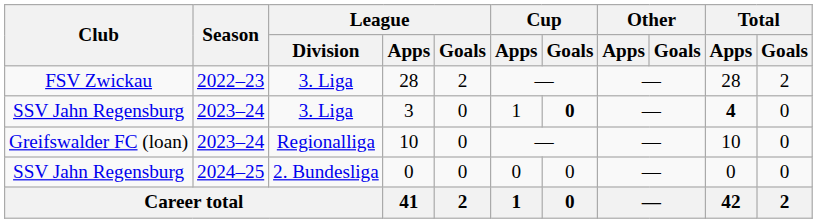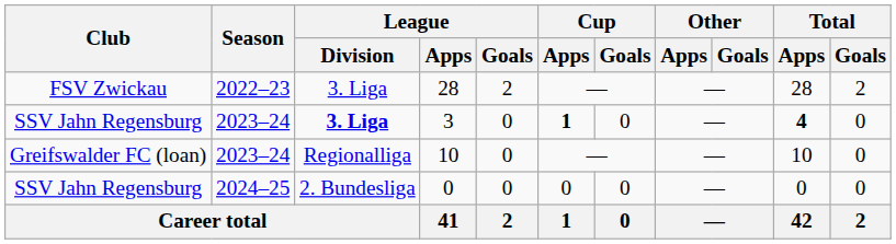 <table class=wikitable style=text-align:center>
 <tr>
 <th rowspan=2>Club</th>
 <th rowspan=2>Season</th>
 <th colspan=3>League</th>
 <th colspan=2>Cup</th>
 <th colspan=2>Other</th>
 <th colspan=2>Total</th>
 </tr>
 <tr>
 <th>Division</th>
 <th>Apps</th>
 <th>Goals</th>
 <th>Apps</th>
 <th>Goals</th>
 <th>Apps</th>
 <th>Goals</th>
 <th>Apps</th>
 <th>Goals</th>
 </tr>
 <tr>
 <td><a href='#'>FSV Zwickau</a></td>
 <td><a href='#'>2022–23</a></td>
 <td><a href='#'>3. Liga</a></td>
 <td>28</td>
 <td>2</td>
 <td colspan=2>—</td>
 <td colspan=2>—</td>
 <td>28</td>
 <td>2</td>
 </tr>
 <tr>
 <td><a href='#'>SSV Jahn Regensburg</a></td>
 <td><a href='#'>2023–24</a></td>
-<td><a href='#'>3. Liga</a></td>
+<td><strong><a href='#'>3. Liga</a></strong></td>
 <td>3</td>
 <td>0</td>
-<td>1</td>
-<td><strong>0</strong></td>
+<td><strong>1</strong></td>
+<td>0</td>
 <td colspan=2>—</td>
 <td><strong>4</strong></td>
 <td>0</td>
 </tr>
 <tr>
 <td><a href='#'>Greifswalder FC</a> (loan)</td>
 <td><a href='#'>2023–24</a></td>
 <td><a href='#'>Regionalliga</a></td>
 <td>10</td>
 <td>0</td>
 <td colspan=2>—</td>
 <td colspan=2>—</td>
 <td>10</td>
 <td>0</td>
 </tr>
 <tr>
 <td><a href='#'>SSV Jahn Regensburg</a></td>
 <td><a href='#'>2024–25</a></td>
 <td><a href='#'>2. Bundesliga</a></td>
 <td>0</td>
 <td>0</td>
 <td>0</td>
 <td>0</td>
 <td colspan=2>—</td>
 <td>0</td>
 <td>0</td>
 </tr>
 <tr>
 <th colspan=3>Career total</th>
 <th>41</th>
 <th>2</th>
 <th>1</th>
 <th>0</th>
 <th colspan=2>—</th>
 <th>42</th>
 <th>2</th>
 </tr>
 </table>
